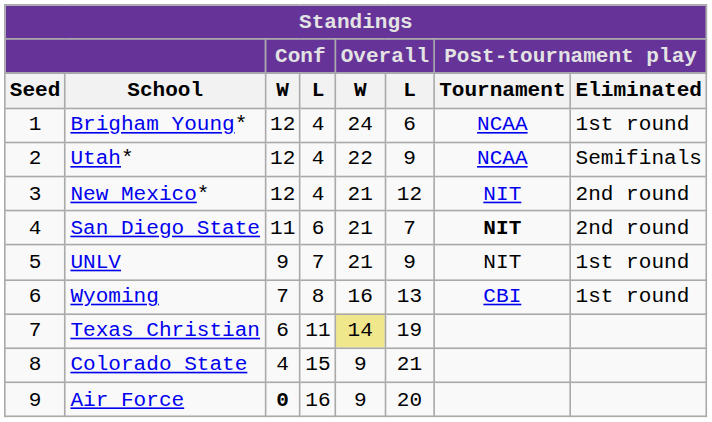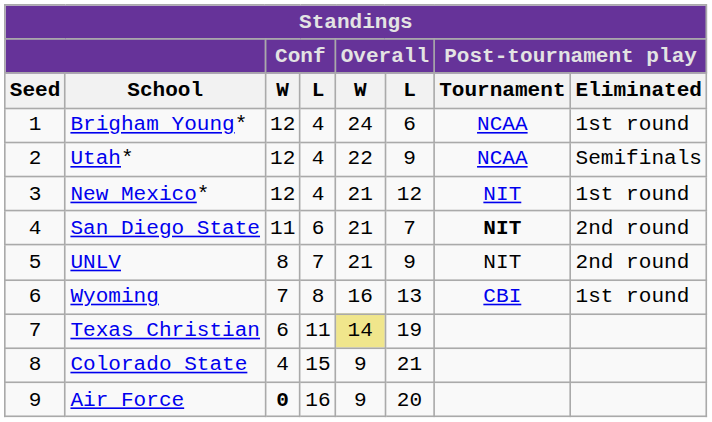 <table class="wikitable" style="text-align:center">
 <tr bgcolor=#663399>
 <td colspan=8 style="color:#e3e3e3;"><strong>Standings</strong></td>
 </tr>
 <tr bgcolor=#663399>
 <td colspan=2> </td>
 <td colspan=2 style="color:#e3e3e3;"><strong>Conf</strong></td>
 <td colspan=2 style="color:#e3e3e3;"><strong>Overall</strong></td>
 <td colspan=2 style="color:#e3e3e3;"><strong>Post-tournament play</strong></td>
 </tr>
 <tr>
 <th>Seed</th>
 <th>School</th>
 <th>W</th>
 <th>L</th>
 <th>W</th>
 <th>L</th>
 <th>Tournament</th>
 <th>Eliminated</th>
 </tr>
 <tr>
 <td>1</td>
 <td align=left><a href='#'>Brigham Young</a>*</td>
 <td>12</td>
 <td>4</td>
 <td>24</td>
 <td>6</td>
 <td><a href='#'>NCAA</a></td>
 <td align=left>1st round</td>
 </tr>
 <tr>
 <td>2</td>
 <td align=left><a href='#'>Utah</a>*</td>
 <td>12</td>
 <td>4</td>
 <td>22</td>
 <td>9</td>
 <td><a href='#'>NCAA</a></td>
 <td align=left>Semifinals</td>
 </tr>
 <tr>
 <td>3</td>
 <td align=left><a href='#'>New Mexico</a>*</td>
 <td>12</td>
 <td>4</td>
 <td>21</td>
 <td>12</td>
 <td><a href='#'>NIT</a></td>
-<td align=left>2nd round</td>
+<td align=left>1st round</td>
 </tr>
 <tr>
 <td>4</td>
 <td align=left><a href='#'>San Diego State</a></td>
 <td>11</td>
 <td>6</td>
 <td>21</td>
 <td>7</td>
 <td><strong>NIT</strong></td>
 <td align=left>2nd round</td>
 </tr>
 <tr>
 <td>5</td>
 <td align=left><a href='#'>UNLV</a></td>
-<td>9</td>
+<td>8</td>
 <td>7</td>
 <td>21</td>
 <td>9</td>
 <td>NIT</td>
-<td align=left>1st round</td>
+<td align=left>2nd round</td>
 </tr>
 <tr>
 <td>6</td>
 <td align=left><a href='#'>Wyoming</a></td>
 <td>7</td>
 <td>8</td>
 <td>16</td>
 <td>13</td>
 <td><a href='#'>CBI</a></td>
 <td align=left>1st round</td>
 </tr>
 <tr>
 <td>7</td>
 <td align=left><a href='#'>Texas Christian</a></td>
 <td>6</td>
 <td>11</td>
 <td style="background: khaki;">14</td>
 <td>19</td>
 <td></td>
 <td></td>
 </tr>
 <tr>
 <td>8</td>
 <td align=left><a href='#'>Colorado State</a></td>
 <td>4</td>
 <td>15</td>
 <td>9</td>
 <td>21</td>
 <td></td>
 <td></td>
 </tr>
 <tr>
 <td>9</td>
 <td align=left><a href='#'>Air Force</a></td>
 <td><strong>0</strong></td>
 <td>16</td>
 <td>9</td>
 <td>20</td>
 <td></td>
 <td></td>
 </tr>
 </table>
